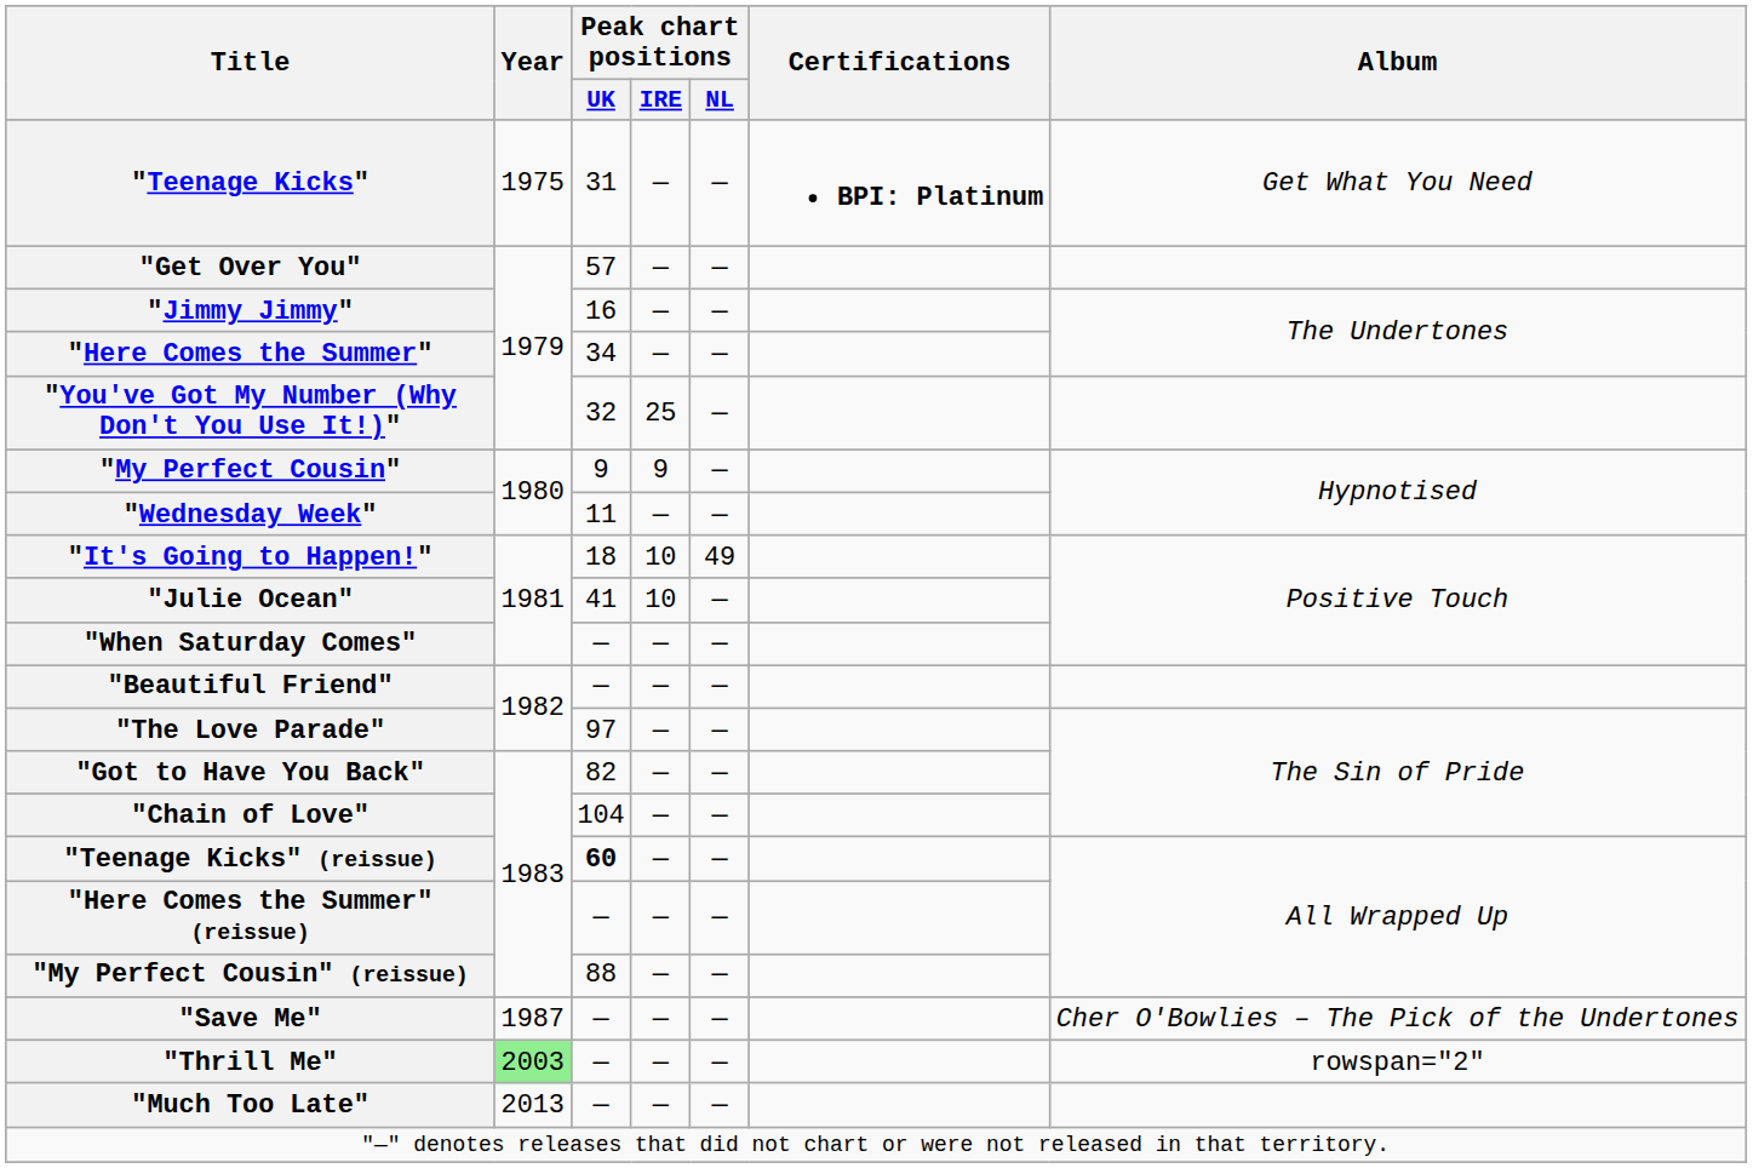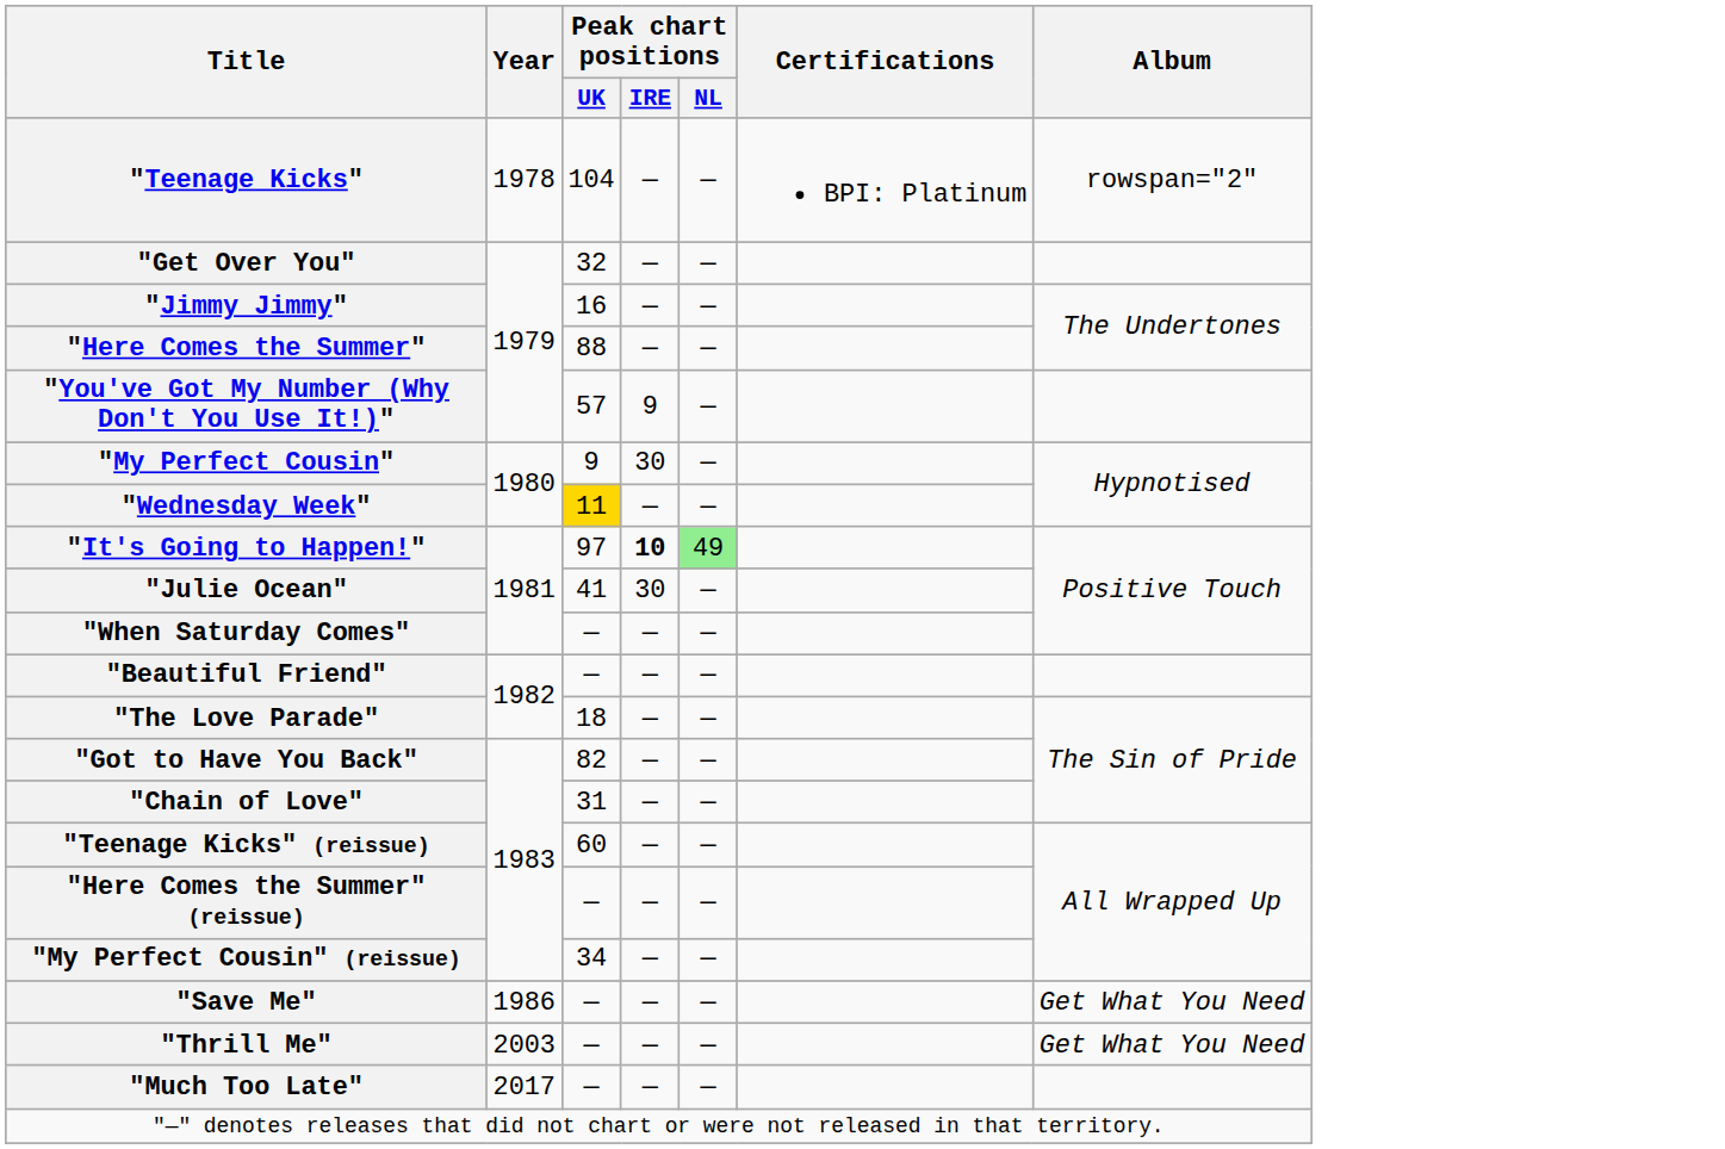 <table class="wikitable plainrowheaders" style="text-align:center;">
 <tr>
 <th rowspan="2" scope="col" style="width:18em;">Title</th>
 <th rowspan="2" scope="col" style="width:2em;">Year</th>
 <th colspan="3">Peak chart positions</th>
 <th rowspan="2">Certifications</th>
 <th rowspan="2">Album</th>
 </tr>
 <tr>
 <th scope="col" style="width:2em;font-size:90%;"><a href='#'>UK</a><br></th>
 <th scope="col" style="width:2em;font-size:90%;"><a href='#'>IRE</a><br></th>
 <th scope="col" style="width:2em;font-size:90%;"><a href='#'>NL</a><br></th>
 </tr>
 <tr>
 <th scope="row">"<a href='#'>Teenage Kicks</a>" </th>
-<td>1975</td>
-<td>31</td>
+<td>1978</td>
+<td>104</td>
 <td>—</td>
 <td>—</td>
-<td><strong><br><ul><li>BPI: Platinum</li></ul></strong></td>
-<td><em>Get What You Need</em></td>
+<td><br><ul><li>BPI: Platinum</li></ul></td>
+<td>rowspan="2" </td>
 </tr>
 <tr>
 <th scope="row">"Get Over You"</th>
 <td rowspan="4">1979</td>
-<td>57</td>
+<td>32</td>
 <td>—</td>
 <td>—</td>
 <td></td>
 </tr>
 <tr>
 <th scope="row">"<a href='#'>Jimmy Jimmy</a>"</th>
 <td>16</td>
 <td>—</td>
 <td>—</td>
 <td></td>
 <td rowspan="2"><em>The Undertones</em></td>
 </tr>
 <tr>
 <th scope="row">"<a href='#'>Here Comes the Summer</a>"</th>
-<td>34</td>
+<td>88</td>
 <td>—</td>
 <td>—</td>
 <td></td>
 </tr>
 <tr>
 <th scope="row">"<a href='#'>You've Got My Number (Why Don't You Use It!)</a>"</th>
-<td>32</td>
-<td>25</td>
+<td>57</td>
+<td>9</td>
 <td>—</td>
 <td></td>
 <td></td>
 </tr>
 <tr>
 <th scope="row">"<a href='#'>My Perfect Cousin</a>"</th>
 <td rowspan="2">1980</td>
 <td>9</td>
-<td>9</td>
+<td>30</td>
 <td>—</td>
 <td></td>
 <td rowspan="2"><em>Hypnotised</em></td>
 </tr>
 <tr>
 <th scope="row">"<a href='#'>Wednesday Week</a>"</th>
-<td>11</td>
+<td style="background: gold;">11</td>
 <td>—</td>
 <td>—</td>
 <td></td>
 </tr>
 <tr>
 <th scope="row">"<a href='#'>It's Going to Happen!</a>"</th>
 <td rowspan="3">1981</td>
-<td>18</td>
-<td>10</td>
-<td>49</td>
+<td>97</td>
+<td><strong>10</strong></td>
+<td style="background: lightgreen;">49</td>
 <td></td>
 <td rowspan="3"><em>Positive Touch</em></td>
 </tr>
 <tr>
 <th scope="row">"Julie Ocean"</th>
 <td>41</td>
-<td>10</td>
+<td>30</td>
 <td>—</td>
 <td></td>
 </tr>
 <tr>
 <th scope="row">"When Saturday Comes" </th>
 <td>—</td>
 <td>—</td>
 <td>—</td>
 <td></td>
 </tr>
 <tr>
 <th scope="row">"Beautiful Friend"</th>
 <td rowspan="2">1982</td>
 <td>—</td>
 <td>—</td>
 <td>—</td>
 <td></td>
 <td></td>
 </tr>
 <tr>
 <th scope="row">"The Love Parade"</th>
-<td>97</td>
+<td>18</td>
 <td>—</td>
 <td>—</td>
 <td></td>
 <td rowspan="3"><em>The Sin of Pride</em></td>
 </tr>
 <tr>
 <th scope="row">"Got to Have You Back"</th>
 <td rowspan="5">1983</td>
 <td>82</td>
 <td>—</td>
 <td>—</td>
 <td></td>
 </tr>
 <tr>
 <th scope="row">"Chain of Love"</th>
-<td>104</td>
+<td>31</td>
 <td>—</td>
 <td>—</td>
 <td></td>
 </tr>
 <tr>
 <th scope="row">"Teenage Kicks" <small>(reissue)</small></th>
-<td><strong>60</strong></td>
+<td>60</td>
 <td>—</td>
 <td>—</td>
 <td></td>
 <td rowspan="3"><em>All Wrapped Up</em></td>
 </tr>
 <tr>
 <th scope="row">"Here Comes the Summer" <small>(reissue)</small></th>
 <td>—</td>
 <td>—</td>
 <td>—</td>
 <td></td>
 </tr>
 <tr>
 <th scope="row">"My Perfect Cousin" <small>(reissue)</small></th>
-<td>88</td>
+<td>34</td>
 <td>—</td>
 <td>—</td>
 <td></td>
 </tr>
 <tr>
 <th scope="row">"Save Me"</th>
-<td>1987</td>
+<td>1986</td>
 <td>—</td>
 <td>—</td>
 <td>—</td>
 <td></td>
-<td><em>Cher O'Bowlies – The Pick of the Undertones</em></td>
+<td><em>Get What You Need</em></td>
 </tr>
 <tr>
 <th scope="row">"Thrill Me"</th>
-<td style="background: lightgreen;">2003</td>
+<td>2003</td>
 <td>—</td>
 <td>—</td>
 <td>—</td>
 <td></td>
-<td>rowspan="2" </td>
+<td><em>Get What You Need</em></td>
 </tr>
 <tr>
 <th scope="row">"Much Too Late"</th>
-<td>2013</td>
+<td>2017</td>
 <td>—</td>
 <td>—</td>
 <td>—</td>
 <td></td>
 <td></td>
 </tr>
 <tr>
 <td colspan="7" style="font-size:8pt">"—" denotes releases that did not chart or were not released in that territory.</td>
 </tr>
 </table>
